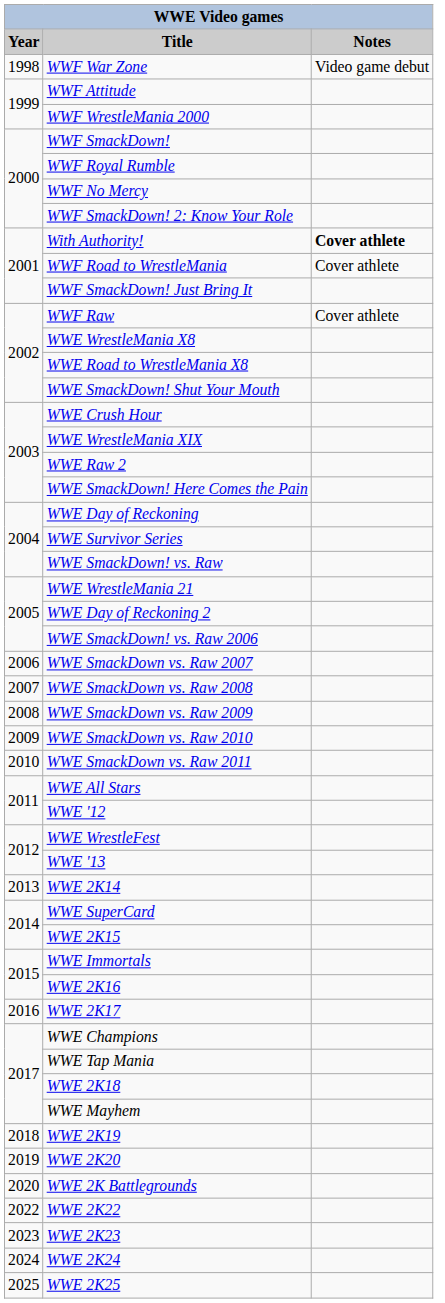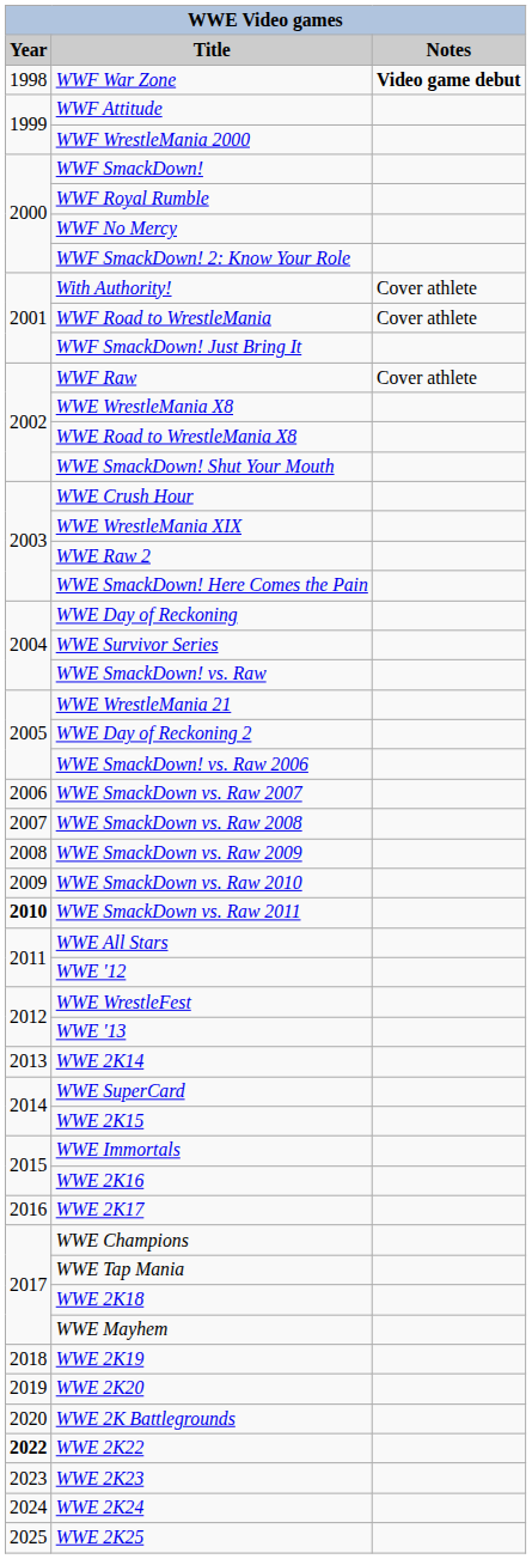 <table class="wikitable sortable">
 <tr style="text-align:center;">
 <th colspan=4 style="background:#B0C4DE;">WWE Video games</th>
 </tr>
 <tr style="text-align:center;">
 <th style="background:#ccc;">Year</th>
 <th style="background:#ccc;">Title</th>
 <th style="background:#ccc;">Notes</th>
 </tr>
 <tr>
 <td>1998</td>
 <td><em><a href='#'>WWF War Zone</a></em></td>
-<td>Video game debut</td>
+<td><strong>Video game debut</strong></td>
 </tr>
 <tr>
 <td rowspan="2">1999</td>
 <td><em><a href='#'>WWF Attitude</a></em></td>
 <td></td>
 </tr>
 <tr>
 <td><em><a href='#'>WWF WrestleMania 2000</a></em></td>
 <td></td>
 </tr>
 <tr>
 <td rowspan="4">2000</td>
 <td><em><a href='#'>WWF SmackDown!</a></em></td>
 <td></td>
 </tr>
 <tr>
 <td><em><a href='#'>WWF Royal Rumble</a></em></td>
 <td></td>
 </tr>
 <tr>
 <td><em><a href='#'>WWF No Mercy</a></em></td>
 <td></td>
 </tr>
 <tr>
 <td><em><a href='#'>WWF SmackDown! 2: Know Your Role</a></em></td>
 <td></td>
 </tr>
 <tr>
 <td rowspan="3">2001</td>
 <td><em><a href='#'>With Authority!</a></em></td>
-<td><strong>Cover athlete</strong></td>
+<td>Cover athlete</td>
 </tr>
 <tr>
 <td><em><a href='#'>WWF Road to WrestleMania</a></em></td>
 <td>Cover athlete</td>
 </tr>
 <tr>
 <td><em><a href='#'>WWF SmackDown! Just Bring It</a></em></td>
 <td></td>
 </tr>
 <tr>
 <td rowspan="4">2002</td>
 <td><em><a href='#'>WWF Raw</a></em></td>
 <td>Cover athlete</td>
 </tr>
 <tr>
 <td><em><a href='#'>WWE WrestleMania X8</a></em></td>
 <td></td>
 </tr>
 <tr>
 <td><em><a href='#'>WWE Road to WrestleMania X8</a></em></td>
 <td></td>
 </tr>
 <tr>
 <td><em><a href='#'>WWE SmackDown! Shut Your Mouth</a></em></td>
 <td></td>
 </tr>
 <tr>
 <td rowspan="4">2003</td>
 <td><em><a href='#'>WWE Crush Hour</a></em></td>
 <td></td>
 </tr>
 <tr>
 <td><em><a href='#'>WWE WrestleMania XIX</a></em></td>
 <td></td>
 </tr>
 <tr>
 <td><em><a href='#'>WWE Raw 2</a></em></td>
 <td></td>
 </tr>
 <tr>
 <td><em><a href='#'>WWE SmackDown! Here Comes the Pain</a></em></td>
 <td></td>
 </tr>
 <tr>
 <td rowspan="3">2004</td>
 <td><em><a href='#'>WWE Day of Reckoning</a></em></td>
 <td></td>
 </tr>
 <tr>
 <td><em><a href='#'>WWE Survivor Series</a></em></td>
 <td></td>
 </tr>
 <tr>
 <td><em><a href='#'>WWE SmackDown! vs. Raw</a></em></td>
 <td></td>
 </tr>
 <tr>
 <td rowspan="3">2005</td>
 <td><em><a href='#'>WWE WrestleMania 21</a></em></td>
 <td></td>
 </tr>
 <tr>
 <td><em><a href='#'>WWE Day of Reckoning 2</a></em></td>
 <td></td>
 </tr>
 <tr>
 <td><em><a href='#'>WWE SmackDown! vs. Raw 2006</a></em></td>
 <td></td>
 </tr>
 <tr>
 <td>2006</td>
 <td><em><a href='#'>WWE SmackDown vs. Raw 2007</a></em></td>
 <td></td>
 </tr>
 <tr>
 <td>2007</td>
 <td><em><a href='#'>WWE SmackDown vs. Raw 2008</a></em></td>
 <td></td>
 </tr>
 <tr>
 <td>2008</td>
 <td><em><a href='#'>WWE SmackDown vs. Raw 2009</a></em></td>
 <td></td>
 </tr>
 <tr>
 <td>2009</td>
 <td><em><a href='#'>WWE SmackDown vs. Raw 2010</a></em></td>
 <td></td>
 </tr>
 <tr>
-<td>2010</td>
+<td><strong>2010</strong></td>
 <td><em><a href='#'>WWE SmackDown vs. Raw 2011</a></em></td>
 <td></td>
 </tr>
 <tr>
 <td rowspan="2">2011</td>
 <td><em><a href='#'>WWE All Stars</a></em></td>
 <td></td>
 </tr>
 <tr>
 <td><em><a href='#'>WWE '12</a></em></td>
 <td></td>
 </tr>
 <tr>
 <td rowspan="2">2012</td>
 <td><em><a href='#'>WWE WrestleFest</a></em></td>
 <td></td>
 </tr>
 <tr>
 <td><em><a href='#'>WWE '13</a></em></td>
 <td></td>
 </tr>
 <tr>
 <td>2013</td>
 <td><em><a href='#'>WWE 2K14</a></em></td>
 <td></td>
 </tr>
 <tr>
 <td rowspan="2">2014</td>
 <td><em><a href='#'>WWE SuperCard</a></em></td>
 <td></td>
 </tr>
 <tr>
 <td><em><a href='#'>WWE 2K15</a></em></td>
 <td></td>
 </tr>
 <tr>
 <td rowspan="2">2015</td>
 <td><em><a href='#'>WWE Immortals</a></em></td>
 <td></td>
 </tr>
 <tr>
 <td><em><a href='#'>WWE 2K16</a></em></td>
 <td></td>
 </tr>
 <tr>
 <td>2016</td>
 <td><em><a href='#'>WWE 2K17</a></em></td>
 <td></td>
 </tr>
 <tr>
 <td rowspan="4">2017</td>
 <td><em>WWE Champions</em></td>
 <td></td>
 </tr>
 <tr>
 <td><em>WWE Tap Mania</em></td>
 <td></td>
 </tr>
 <tr>
 <td><em><a href='#'>WWE 2K18</a></em></td>
 <td></td>
 </tr>
 <tr>
 <td><em>WWE Mayhem</em></td>
 <td></td>
 </tr>
 <tr>
 <td>2018</td>
 <td><em><a href='#'>WWE 2K19</a></em></td>
 <td></td>
 </tr>
 <tr>
 <td>2019</td>
 <td><em><a href='#'>WWE 2K20</a></em></td>
 <td></td>
 </tr>
 <tr>
 <td>2020</td>
 <td><em><a href='#'>WWE 2K Battlegrounds</a></em></td>
 <td></td>
 </tr>
 <tr>
-<td>2022</td>
+<td><strong>2022</strong></td>
 <td><em><a href='#'>WWE 2K22</a></em></td>
 <td></td>
 </tr>
 <tr>
 <td>2023</td>
 <td><em><a href='#'>WWE 2K23</a></em></td>
 <td></td>
 </tr>
 <tr>
 <td>2024</td>
 <td><em><a href='#'>WWE 2K24</a></em></td>
 </tr>
 <tr>
 <td>2025</td>
 <td><em><a href='#'>WWE 2K25</a></em></td>
 <td></td>
 </tr>
 </table>
